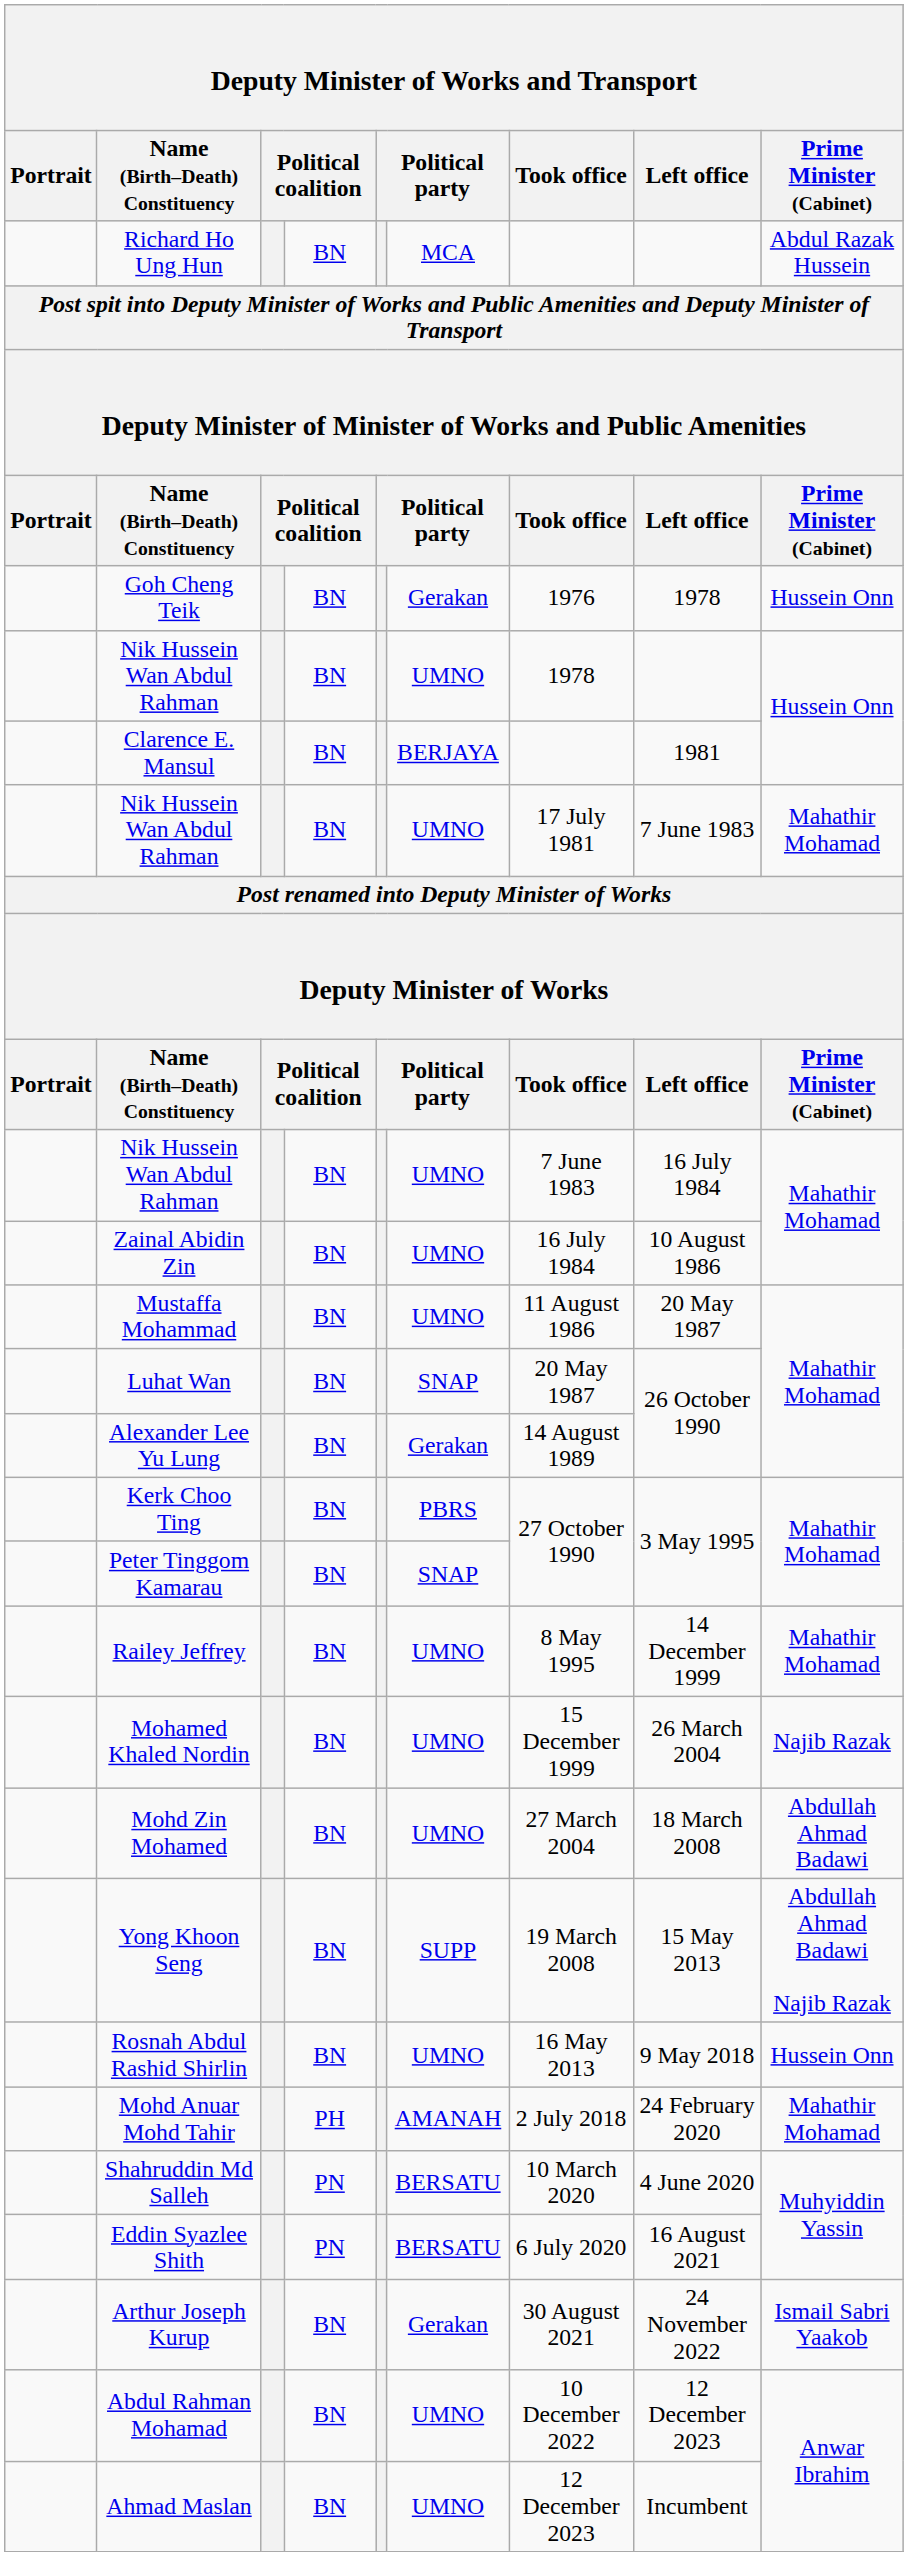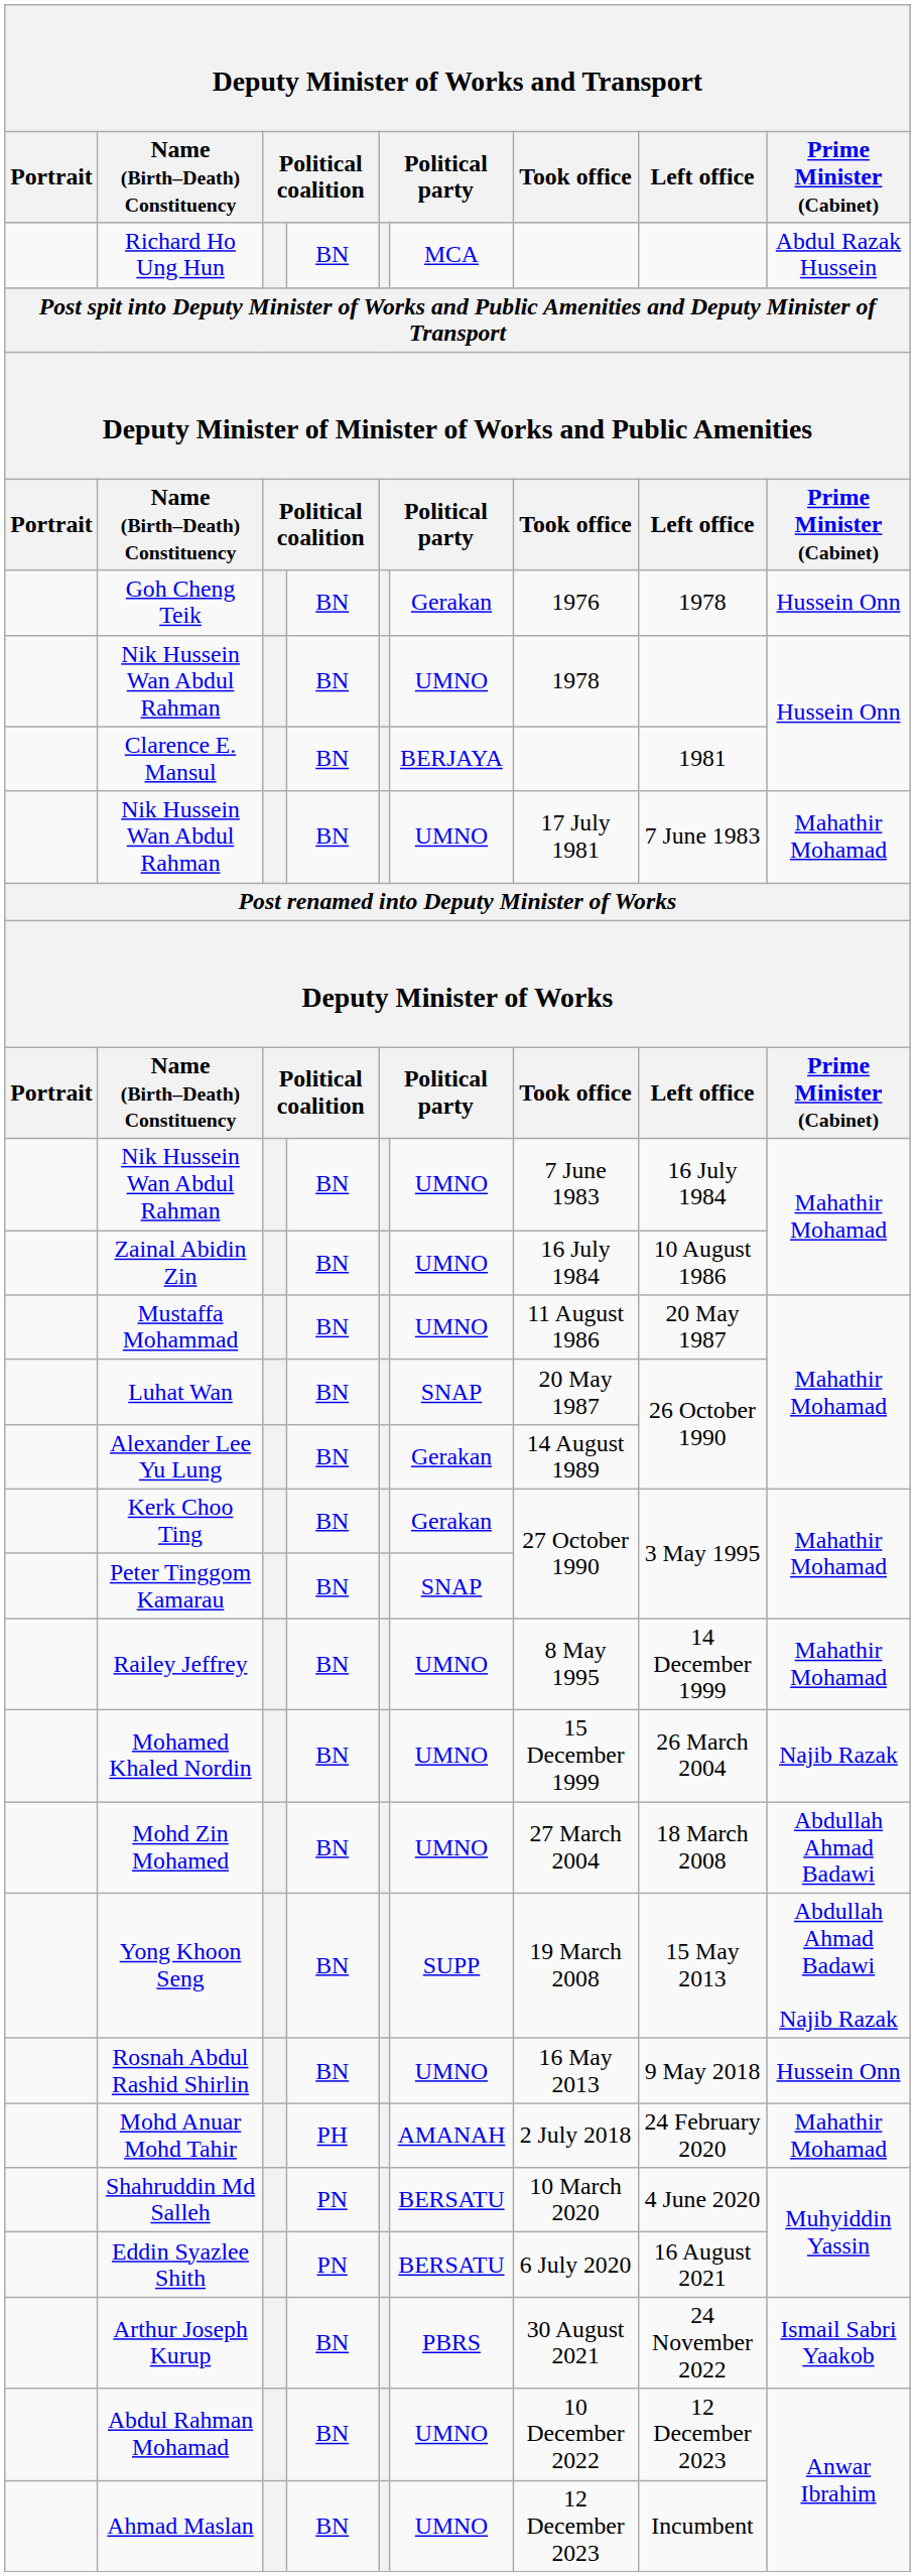 <table class="wikitable" style="text-align:center;">
 <tr>
 <th colspan="9"><br><h3>Deputy Minister of Works and Transport</h3></th>
 </tr>
 <tr>
 <th>Portrait</th>
 <th>Name<br><small>(Birth–Death)<br>Constituency</small></th>
 <th colspan="2">Political coalition</th>
 <th colspan="2">Political party</th>
 <th>Took office</th>
 <th>Left office</th>
 <th><a href='#'>Prime Minister</a><br><small>(Cabinet)</small></th>
 </tr>
 <tr>
 <td></td>
 <td><a href='#'>Richard Ho Ung Hun</a><br></td>
 <th style="background:"></th>
 <td><a href='#'>BN</a></td>
 <th style="background:"></th>
 <td><a href='#'>MCA</a></td>
 <td></td>
 <td></td>
 <td><a href='#'>Abdul Razak Hussein</a><br></td>
 </tr>
 <tr>
 <th colspan="9"><em>Post spit into Deputy Minister of Works and Public Amenities and Deputy Minister of Transport</em></th>
 </tr>
 <tr>
 <th colspan="9"><br><h3>Deputy Minister of Minister of Works and Public Amenities</h3></th>
 </tr>
 <tr>
 <th>Portrait</th>
 <th>Name<br><small>(Birth–Death)<br>Constituency</small></th>
 <th colspan="2">Political coalition</th>
 <th colspan="2">Political party</th>
 <th>Took office</th>
 <th>Left office</th>
 <th><a href='#'>Prime Minister</a><br><small>(Cabinet)</small></th>
 </tr>
 <tr>
 <td></td>
 <td><a href='#'>Goh Cheng Teik</a><br></td>
 <th style="background:"></th>
 <td><a href='#'>BN</a></td>
 <th style="background:"></th>
 <td><a href='#'>Gerakan</a></td>
 <td>1976</td>
 <td>1978</td>
 <td><a href='#'>Hussein Onn</a><br></td>
 </tr>
 <tr>
 <td></td>
 <td><a href='#'>Nik Hussein Wan Abdul Rahman</a><br></td>
 <th style="background:"></th>
 <td><a href='#'>BN</a></td>
 <th style="background:"></th>
 <td><a href='#'>UMNO</a></td>
 <td>1978</td>
 <td></td>
 <td rowspan=2><a href='#'>Hussein Onn</a><br></td>
 </tr>
 <tr>
 <td></td>
 <td><a href='#'>Clarence E. Mansul</a><br></td>
 <th style="background:"></th>
 <td><a href='#'>BN</a></td>
 <th style="background:"></th>
 <td><a href='#'>BERJAYA</a></td>
 <td></td>
 <td>1981</td>
 </tr>
 <tr>
 <td></td>
 <td><a href='#'>Nik Hussein Wan Abdul Rahman</a><br></td>
 <th style="background:"></th>
 <td><a href='#'>BN</a></td>
 <th style="background:"></th>
 <td><a href='#'>UMNO</a></td>
 <td>17 July 1981</td>
 <td>7 June 1983</td>
 <td><a href='#'>Mahathir Mohamad</a><br></td>
 </tr>
 <tr>
 <th colspan="9"><em>Post renamed into Deputy Minister of Works</em></th>
 </tr>
 <tr>
 <th colspan="9"><br><h3>Deputy Minister of Works</h3></th>
 </tr>
 <tr>
 <th>Portrait</th>
 <th>Name<br><small>(Birth–Death)<br>Constituency</small></th>
 <th colspan="2">Political coalition</th>
 <th colspan="2">Political party</th>
 <th>Took office</th>
 <th>Left office</th>
 <th><a href='#'>Prime Minister</a><br><small>(Cabinet)</small></th>
 </tr>
 <tr>
 <td></td>
 <td><a href='#'>Nik Hussein Wan Abdul Rahman</a><br></td>
 <th style="background:"></th>
 <td><a href='#'>BN</a></td>
 <th style="background:"></th>
 <td><a href='#'>UMNO</a></td>
 <td>7 June 1983</td>
 <td>16 July 1984</td>
 <td rowspan=2><a href='#'>Mahathir Mohamad</a><br></td>
 </tr>
 <tr>
 <td></td>
 <td><a href='#'>Zainal Abidin Zin</a><br></td>
 <th style="background:"></th>
 <td><a href='#'>BN</a></td>
 <th style="background:"></th>
 <td><a href='#'>UMNO</a></td>
 <td>16 July 1984</td>
 <td>10 August 1986</td>
 </tr>
 <tr>
 <td></td>
 <td><a href='#'>Mustaffa Mohammad</a><br></td>
 <th style="background:"></th>
 <td><a href='#'>BN</a></td>
 <th style="background:"></th>
 <td><a href='#'>UMNO</a></td>
 <td>11 August 1986</td>
 <td>20 May 1987</td>
 <td rowspan=3><a href='#'>Mahathir Mohamad</a><br></td>
 </tr>
 <tr>
 <td></td>
 <td><a href='#'>Luhat Wan</a><br></td>
 <th style="background:"></th>
 <td><a href='#'>BN</a></td>
 <th style="background:"></th>
 <td><a href='#'>SNAP</a></td>
 <td>20 May 1987</td>
 <td rowspan=2>26 October 1990</td>
 </tr>
 <tr>
 <td></td>
 <td><a href='#'>Alexander Lee Yu Lung</a><br></td>
 <th style="background:"></th>
 <td><a href='#'>BN</a></td>
 <th style="background:"></th>
 <td><a href='#'>Gerakan</a></td>
 <td>14 August 1989</td>
 </tr>
 <tr>
 <td></td>
 <td><a href='#'>Kerk Choo Ting</a><br></td>
 <th style="background:"></th>
 <td><a href='#'>BN</a></td>
 <th style="background:"></th>
-<td><a href='#'>PBRS</a></td>
+<td><a href='#'>Gerakan</a></td>
 <td rowspan=2>27 October 1990</td>
 <td rowspan=2>3 May 1995</td>
 <td rowspan=2><a href='#'>Mahathir Mohamad</a><br></td>
 </tr>
 <tr>
 <td></td>
 <td><a href='#'>Peter Tinggom Kamarau</a><br></td>
 <th style="background:"></th>
 <td><a href='#'>BN</a></td>
 <th style="background:"></th>
 <td><a href='#'>SNAP</a></td>
 </tr>
 <tr>
 <td></td>
 <td><a href='#'>Railey Jeffrey</a><br></td>
 <th style="background:"></th>
 <td><a href='#'>BN</a></td>
 <th style="background:"></th>
 <td><a href='#'>UMNO</a></td>
 <td>8 May 1995</td>
 <td>14 December 1999</td>
 <td><a href='#'>Mahathir Mohamad</a><br></td>
 </tr>
 <tr>
 <td></td>
 <td><a href='#'>Mohamed Khaled Nordin</a><br></td>
 <th style="background:"></th>
 <td><a href='#'>BN</a></td>
 <th style="background:"></th>
 <td><a href='#'>UMNO</a></td>
 <td>15 December 1999</td>
 <td>26 March 2004</td>
 <td><a href='#'>Najib Razak</a><br></td>
 </tr>
 <tr>
 <td></td>
 <td><a href='#'>Mohd Zin Mohamed</a><br></td>
 <th style="background:"></th>
 <td><a href='#'>BN</a></td>
 <th style="background:"></th>
 <td><a href='#'>UMNO</a></td>
 <td>27 March 2004</td>
 <td>18 March 2008</td>
 <td><a href='#'>Abdullah Ahmad Badawi</a><br></td>
 </tr>
 <tr>
 <td></td>
 <td><a href='#'>Yong Khoon Seng</a><br></td>
 <th style="background:"></th>
 <td><a href='#'>BN</a></td>
 <th style="background:"></th>
 <td><a href='#'>SUPP</a></td>
 <td>19 March 2008</td>
 <td>15 May 2013</td>
 <td><a href='#'>Abdullah Ahmad Badawi</a><br><br><a href='#'>Najib Razak</a><br></td>
 </tr>
 <tr>
 <td></td>
 <td><a href='#'>Rosnah Abdul Rashid Shirlin</a><br></td>
 <th style="background:"></th>
 <td><a href='#'>BN</a></td>
 <th style="background:"></th>
 <td><a href='#'>UMNO</a></td>
 <td>16 May 2013</td>
 <td>9 May 2018</td>
 <td><a href='#'>Hussein Onn</a><br></td>
 </tr>
 <tr>
 <td></td>
 <td><a href='#'>Mohd Anuar Mohd Tahir</a><br></td>
 <th style="background:"></th>
 <td><a href='#'>PH</a></td>
 <th style="background:"></th>
 <td><a href='#'>AMANAH</a></td>
 <td>2 July 2018</td>
 <td>24 February 2020</td>
 <td><a href='#'>Mahathir Mohamad</a><br></td>
 </tr>
 <tr>
 <td></td>
 <td><a href='#'>Shahruddin Md Salleh</a><br></td>
 <th style="background:"></th>
 <td><a href='#'>PN</a></td>
 <th style="background:"></th>
 <td><a href='#'>BERSATU</a></td>
 <td>10 March 2020</td>
 <td>4 June 2020</td>
 <td rowspan=2><a href='#'>Muhyiddin Yassin</a><br></td>
 </tr>
 <tr>
 <td></td>
 <td><a href='#'>Eddin Syazlee Shith</a><br></td>
 <th style="background:"></th>
 <td><a href='#'>PN</a></td>
 <th style="background:"></th>
 <td><a href='#'>BERSATU</a></td>
 <td>6 July 2020</td>
 <td>16 August 2021</td>
 </tr>
 <tr>
 <td></td>
 <td><a href='#'>Arthur Joseph Kurup</a><br></td>
 <th style="background:"></th>
 <td><a href='#'>BN</a></td>
 <th style="background:"></th>
-<td><a href='#'>Gerakan</a></td>
+<td><a href='#'>PBRS</a></td>
 <td>30 August 2021</td>
 <td>24 November 2022</td>
 <td><a href='#'>Ismail Sabri Yaakob</a><br></td>
 </tr>
 <tr>
 <td></td>
 <td><a href='#'>Abdul Rahman Mohamad</a><br></td>
 <th style="background:"></th>
 <td><a href='#'>BN</a></td>
 <th style="background:"></th>
 <td><a href='#'>UMNO</a></td>
 <td>10 December 2022</td>
 <td>12 December 2023</td>
 <td rowspan=2><a href='#'>Anwar Ibrahim</a><br></td>
 </tr>
 <tr>
 <td></td>
 <td><a href='#'>Ahmad Maslan</a><br></td>
 <th style="background:"></th>
 <td><a href='#'>BN</a></td>
 <th style="background:"></th>
 <td><a href='#'>UMNO</a></td>
 <td>12 December 2023</td>
 <td>Incumbent</td>
 </tr>
 <tr>
 </tr>
 </table>
